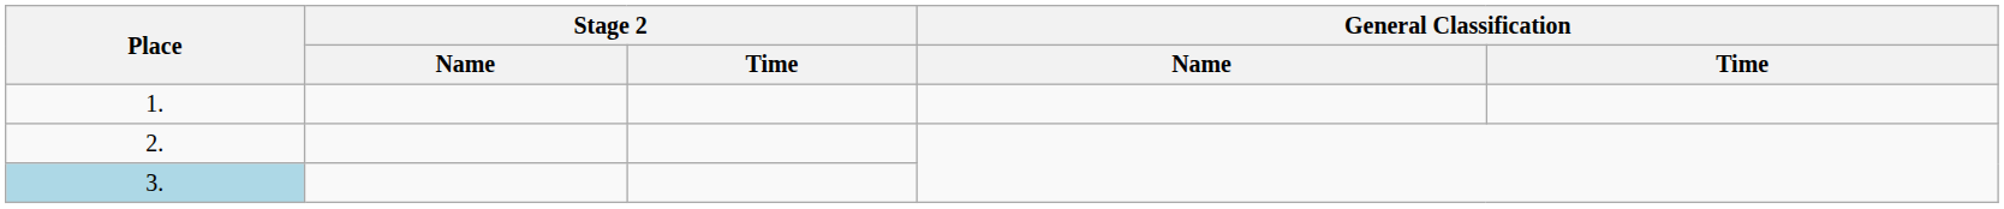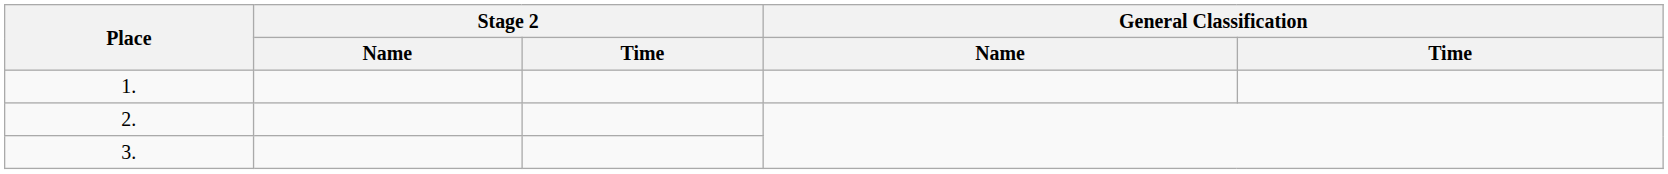 <table class=wikitable style="font-size:95%" width="80%">
 <tr>
 <th rowspan="2">Place</th>
 <th colspan="2">Stage 2</th>
 <th colspan="2">General Classification</th>
 </tr>
 <tr>
 <th>Name</th>
 <th>Time</th>
 <th>Name</th>
 <th>Time</th>
 </tr>
 <tr>
 <td align="center">1.</td>
 <td></td>
 <td></td>
 <td></td>
 <td></td>
 </tr>
 <tr>
 <td align="center">2.</td>
 <td></td>
 <td></td>
 </tr>
 <tr>
-<td align="center" style="background: lightblue;">3.</td>
+<td align="center">3.</td>
 <td></td>
 <td></td>
 </tr>
 </table>
